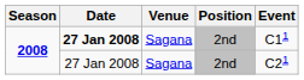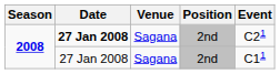 <table class="wikitable" style="text-align:center; font-size:95%;">
 <tr>
 <th>Season</th>
 <th>Date</th>
 <th>Venue</th>
 <th>Position</th>
 <th>Event</th>
 </tr>
 <tr>
 <td rowspan=2><strong><a href='#'>2008</a></strong></td>
 <td align=right><strong>27 Jan 2008</strong></td>
 <td align=left><a href='#'>Sagana</a></td>
 <td bgcolor=silver>2nd</td>
-<td>C1<sup><a href='#'>1</a></sup></td>
+<td>C2<sup><a href='#'>1</a></sup></td>
 </tr>
 <tr>
 <td align=right>27 Jan 2008</td>
 <td align=left><a href='#'>Sagana</a></td>
 <td bgcolor=silver>2nd</td>
-<td>C2<sup><a href='#'>1</a></sup></td>
+<td>C1<sup><a href='#'>1</a></sup></td>
 </tr>
 </table>
